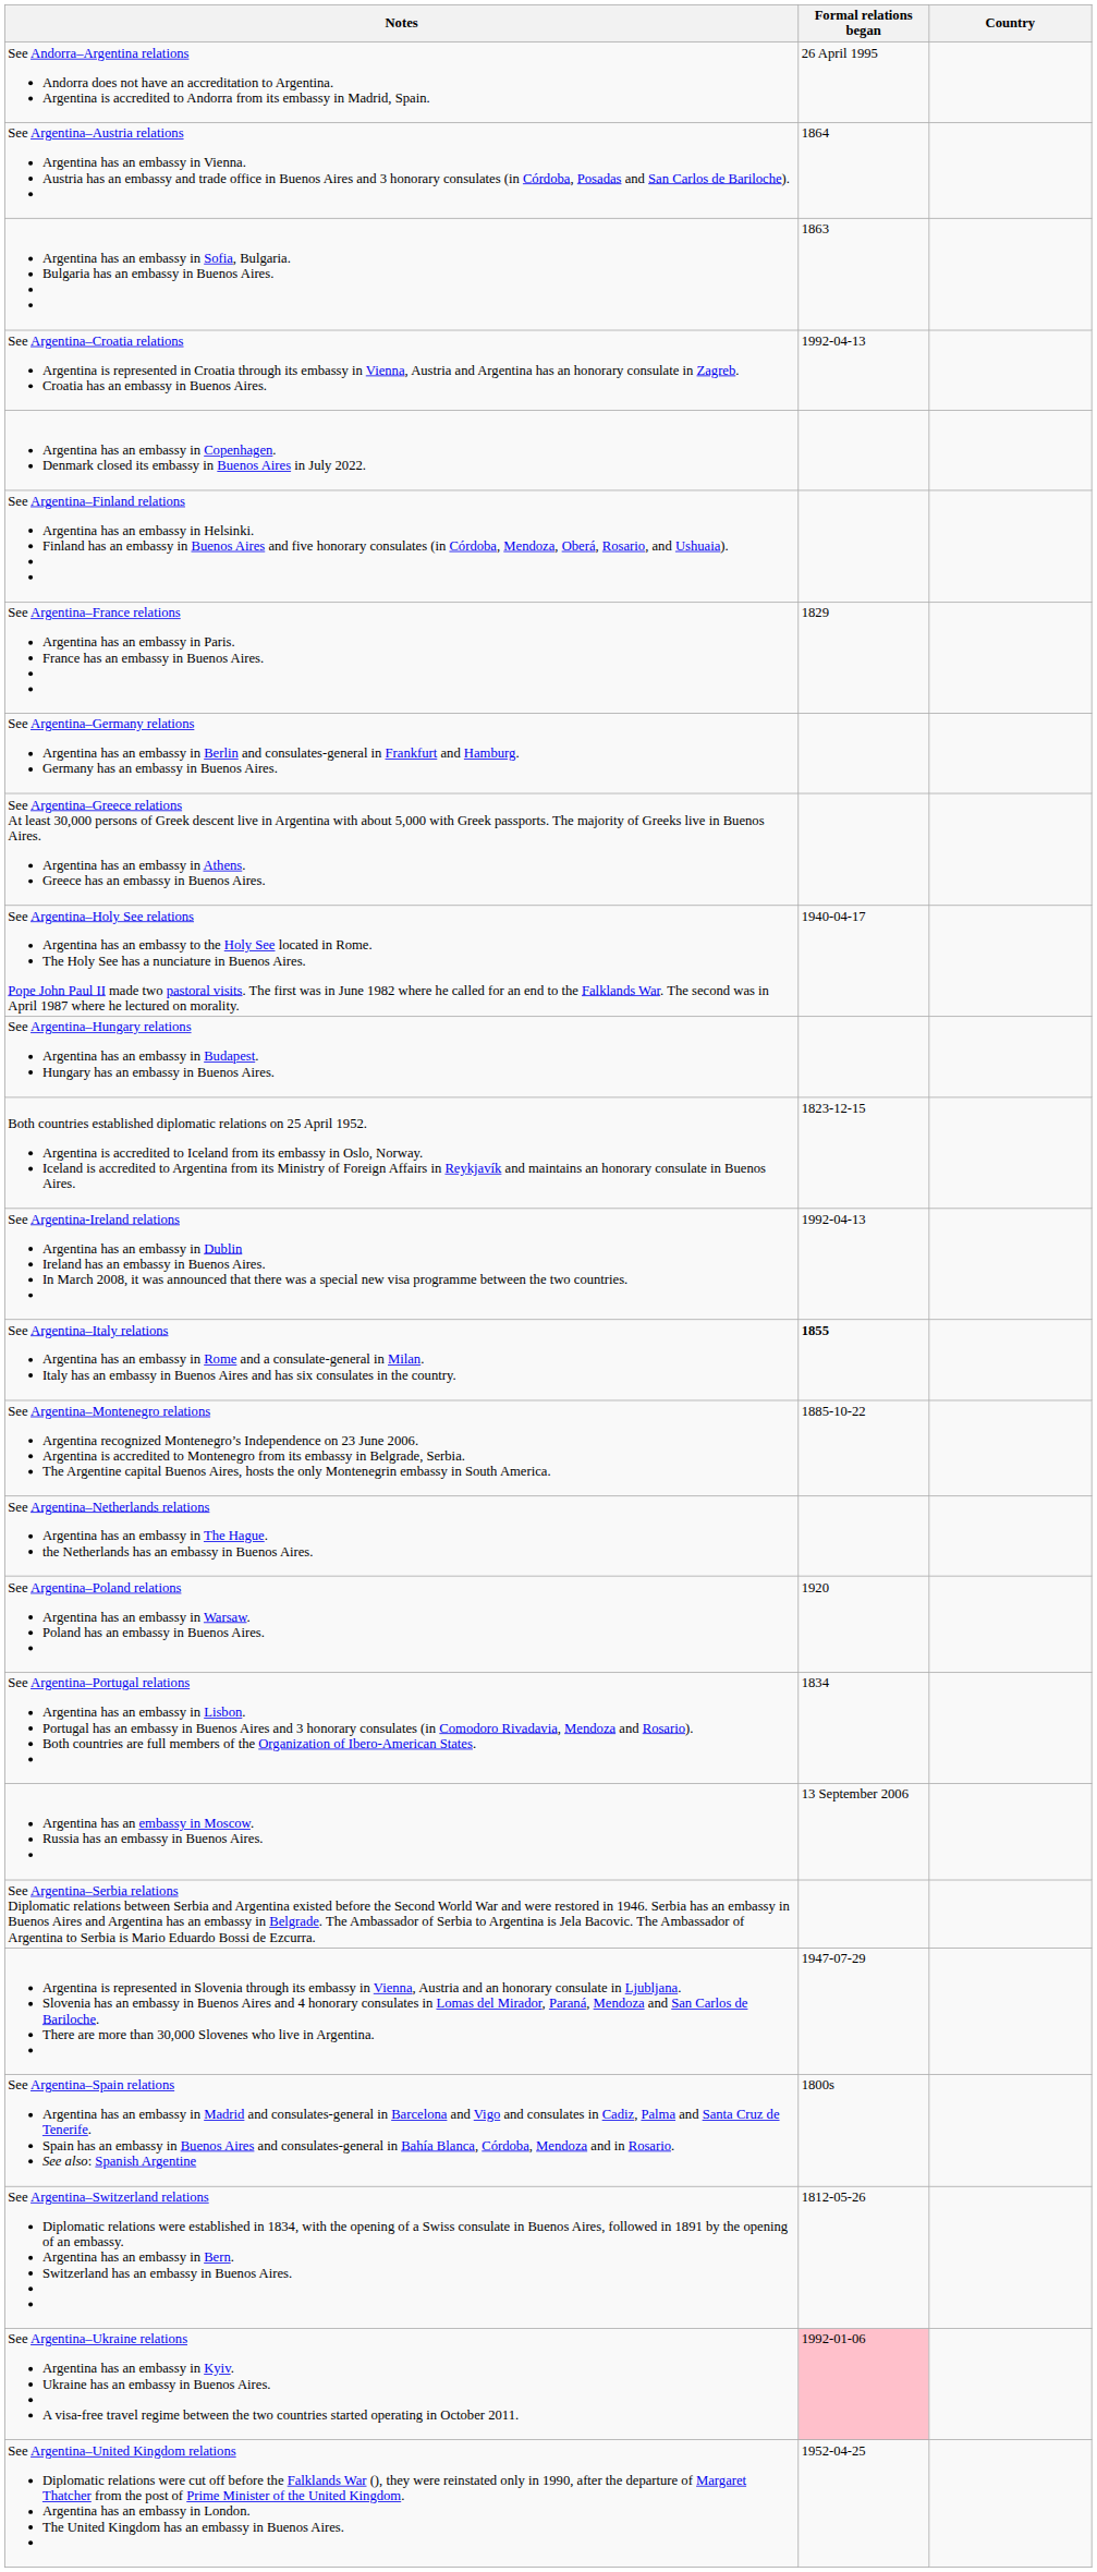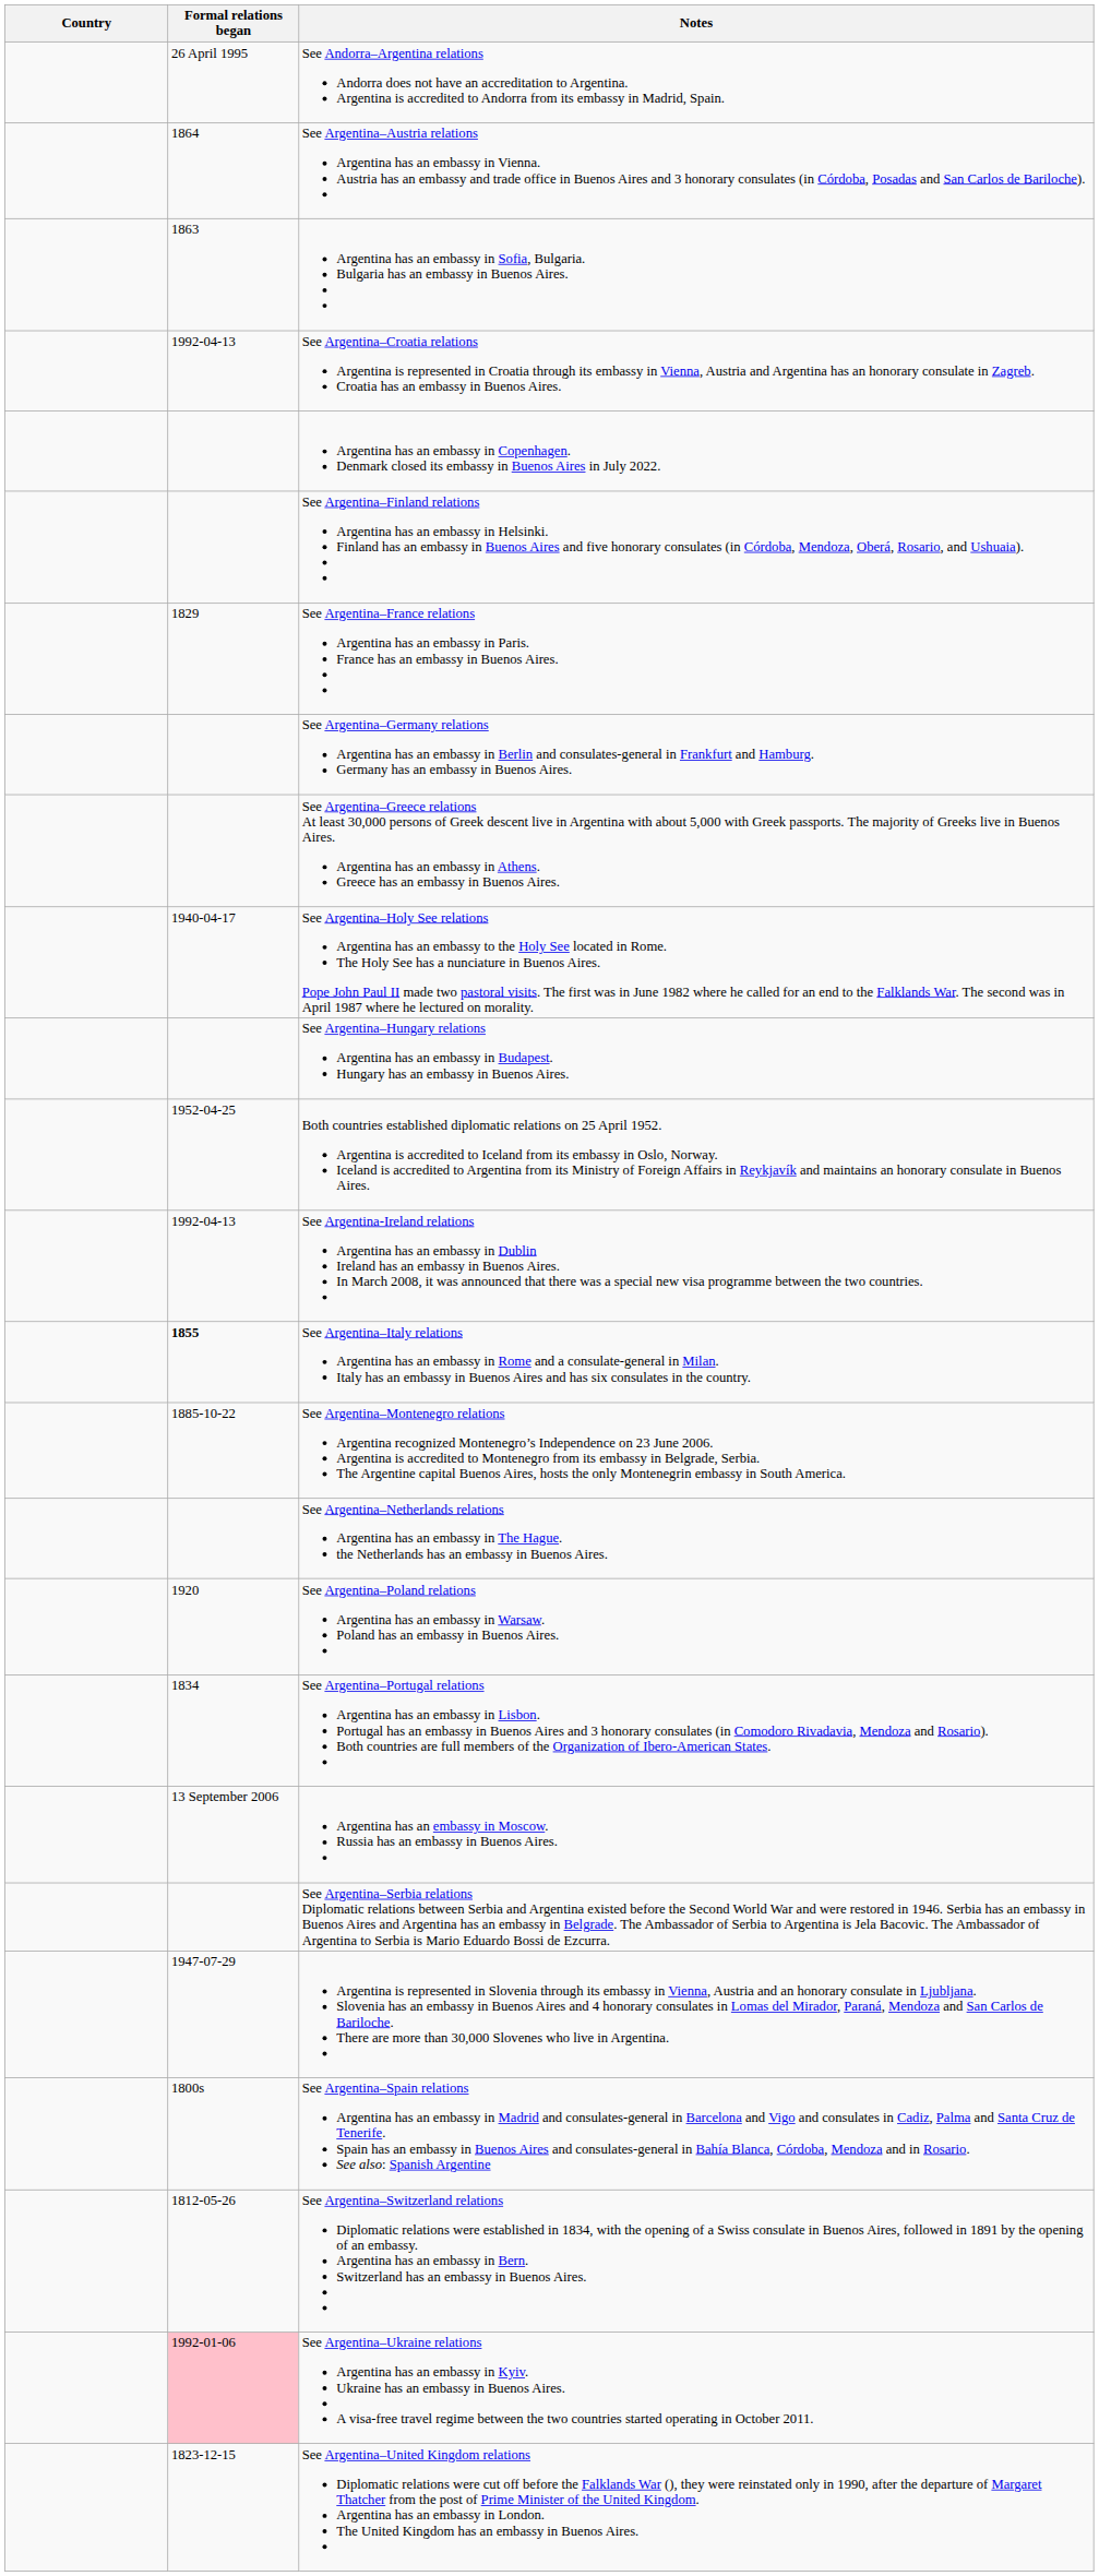 <table class="wikitable sortable" style="width:100%; margin:auto;">
 <tr>
+<th style="width:15%;">Country</th>
+<th style="width:12%;">Formal relations began</th>
 <th>Notes</th>
-<th style="width:12%;">Formal relations began</th>
-<th style="width:15%;">Country</th>
 </tr>
 <tr valign="top">
+<td></td>
+<td>26 April 1995</td>
 <td>See <a href='#'>Andorra–Argentina relations</a><br><ul><li>Andorra does not have an accreditation to Argentina.</li><li>Argentina is accredited to Andorra from its embassy in Madrid, Spain.</li></ul></td>
-<td>26 April 1995</td>
-<td></td>
 </tr>
 <tr valign="top">
+<td></td>
+<td>1864</td>
 <td>See <a href='#'>Argentina–Austria relations</a><br><ul><li>Argentina has an embassy in Vienna.</li><li>Austria has an embassy and trade office in Buenos Aires and 3 honorary consulates (in <a href='#'>Córdoba</a>, <a href='#'>Posadas</a> and <a href='#'>San Carlos de Bariloche</a>).</li><li> </li></ul></td>
-<td>1864</td>
-<td></td>
 </tr>
 <tr valign="top">
+<td></td>
+<td>1863</td>
 <td><br><ul><li>Argentina has an embassy in <a href='#'>Sofia</a>, Bulgaria.</li><li>Bulgaria has an embassy in Buenos Aires.</li><li> </li><li></li></ul></td>
-<td>1863</td>
-<td></td>
 </tr>
 <tr valign="top">
+<td></td>
+<td>1992-04-13</td>
 <td>See <a href='#'>Argentina–Croatia relations</a><br><ul><li>Argentina is represented in Croatia through its embassy in <a href='#'>Vienna</a>, Austria and Argentina has an honorary consulate in <a href='#'>Zagreb</a>.</li><li>Croatia has an embassy in Buenos Aires.</li></ul></td>
-<td>1992-04-13</td>
-<td></td>
 </tr>
 <tr valign="top">
-<td><br><ul><li>Argentina has an embassy in <a href='#'>Copenhagen</a>.</li><li>Denmark closed its embassy in <a href='#'>Buenos Aires</a> in July 2022.</li></ul></td>
 <td></td>
 <td></td>
+<td><br><ul><li>Argentina has an embassy in <a href='#'>Copenhagen</a>.</li><li>Denmark closed its embassy in <a href='#'>Buenos Aires</a> in July 2022.</li></ul></td>
 </tr>
 <tr valign="top">
-<td>See <a href='#'>Argentina–Finland relations</a><br><ul><li>Argentina has an embassy in Helsinki.</li><li>Finland has an embassy in <a href='#'>Buenos Aires</a> and five honorary consulates (in <a href='#'>Córdoba</a>, <a href='#'>Mendoza</a>, <a href='#'>Oberá</a>, <a href='#'>Rosario</a>, and <a href='#'>Ushuaia</a>).</li><li></li><li></li></ul></td>
 <td></td>
 <td></td>
+<td>See <a href='#'>Argentina–Finland relations</a><br><ul><li>Argentina has an embassy in Helsinki.</li><li>Finland has an embassy in <a href='#'>Buenos Aires</a> and five honorary consulates (in <a href='#'>Córdoba</a>, <a href='#'>Mendoza</a>, <a href='#'>Oberá</a>, <a href='#'>Rosario</a>, and <a href='#'>Ushuaia</a>).</li><li></li><li></li></ul></td>
 </tr>
 <tr valign="top">
+<td></td>
+<td>1829</td>
 <td>See <a href='#'>Argentina–France relations</a><br><ul><li>Argentina has an embassy in Paris.</li><li>France has an embassy in Buenos Aires.</li><li> </li><li> </li></ul></td>
-<td>1829</td>
-<td></td>
 </tr>
 <tr valign="top">
-<td>See <a href='#'>Argentina–Germany relations</a><br><ul><li>Argentina has an embassy in <a href='#'>Berlin</a> and consulates-general in <a href='#'>Frankfurt</a> and <a href='#'>Hamburg</a>.</li><li>Germany has an embassy in Buenos Aires.</li></ul></td>
 <td></td>
 <td></td>
+<td>See <a href='#'>Argentina–Germany relations</a><br><ul><li>Argentina has an embassy in <a href='#'>Berlin</a> and consulates-general in <a href='#'>Frankfurt</a> and <a href='#'>Hamburg</a>.</li><li>Germany has an embassy in Buenos Aires.</li></ul></td>
 </tr>
 <tr valign="top">
-<td>See <a href='#'>Argentina–Greece relations</a><br>At least 30,000 persons of Greek descent live in Argentina with about 5,000 with Greek passports. The majority of Greeks live in Buenos Aires.<ul><li>Argentina has an embassy in <a href='#'>Athens</a>.</li><li>Greece has an embassy in Buenos Aires.</li></ul></td>
 <td></td>
 <td></td>
+<td>See <a href='#'>Argentina–Greece relations</a><br>At least 30,000 persons of Greek descent live in Argentina with about 5,000 with Greek passports. The majority of Greeks live in Buenos Aires.<ul><li>Argentina has an embassy in <a href='#'>Athens</a>.</li><li>Greece has an embassy in Buenos Aires.</li></ul></td>
 </tr>
 <tr valign="top">
+<td></td>
+<td>1940-04-17</td>
 <td>See <a href='#'>Argentina–Holy See relations</a><br><ul><li>Argentina has an embassy to the <a href='#'>Holy See</a> located in Rome.</li><li>The Holy See has a nunciature in Buenos Aires.</li></ul><a href='#'>Pope John Paul II</a> made two <a href='#'>pastoral visits</a>. The first was in June 1982 where he called for an end to the <a href='#'>Falklands War</a>. The second was in April 1987 where he lectured on morality.</td>
-<td>1940-04-17</td>
-<td></td>
 </tr>
 <tr valign="top">
-<td>See <a href='#'>Argentina–Hungary relations</a><br><ul><li>Argentina has an embassy in <a href='#'>Budapest</a>.</li><li>Hungary has an embassy in Buenos Aires.</li></ul></td>
 <td></td>
 <td></td>
+<td>See <a href='#'>Argentina–Hungary relations</a><br><ul><li>Argentina has an embassy in <a href='#'>Budapest</a>.</li><li>Hungary has an embassy in Buenos Aires.</li></ul></td>
 </tr>
 <tr valign="top">
+<td></td>
+<td>1952-04-25</td>
 <td><br>Both countries established diplomatic relations on 25 April 1952.<ul><li>Argentina is accredited to Iceland from its embassy in Oslo, Norway.</li><li>Iceland is accredited to Argentina from its Ministry of Foreign Affairs in <a href='#'>Reykjavík</a> and maintains an honorary consulate in Buenos Aires.</li></ul></td>
-<td>1823-12-15</td>
-<td></td>
 </tr>
 <tr valign="top">
+<td></td>
+<td>1992-04-13</td>
 <td>See <a href='#'>Argentina-Ireland relations</a><br><ul><li>Argentina has an embassy in <a href='#'>Dublin</a></li><li>Ireland has an embassy in Buenos Aires.</li><li>In March 2008, it was announced that there was a special new visa programme between the two countries.</li><li> </li></ul></td>
-<td>1992-04-13</td>
-<td></td>
 </tr>
 <tr valign="top">
+<td></td>
+<td><strong>1855</strong></td>
 <td>See <a href='#'>Argentina–Italy relations</a><br><ul><li>Argentina has an embassy in <a href='#'>Rome</a> and a consulate-general in <a href='#'>Milan</a>.</li><li>Italy has an embassy in Buenos Aires and has six consulates in the country.</li></ul></td>
-<td><strong>1855</strong></td>
-<td></td>
 </tr>
 <tr valign="top">
+<td></td>
+<td>1885-10-22</td>
 <td>See <a href='#'>Argentina–Montenegro relations</a><br><ul><li>Argentina recognized Montenegro’s Independence on 23 June 2006.</li><li>Argentina is accredited to Montenegro from its embassy in Belgrade, Serbia.</li><li>The Argentine capital Buenos Aires, hosts the only Montenegrin embassy in South America.</li></ul></td>
-<td>1885-10-22</td>
-<td></td>
 </tr>
 <tr valign="top">
-<td>See <a href='#'>Argentina–Netherlands relations</a><br><ul><li>Argentina has an embassy in <a href='#'>The Hague</a>.</li><li>the Netherlands has an embassy in Buenos Aires.</li></ul></td>
 <td></td>
 <td></td>
+<td>See <a href='#'>Argentina–Netherlands relations</a><br><ul><li>Argentina has an embassy in <a href='#'>The Hague</a>.</li><li>the Netherlands has an embassy in Buenos Aires.</li></ul></td>
 </tr>
 <tr valign="top">
+<td></td>
+<td>1920</td>
 <td>See <a href='#'>Argentina–Poland relations</a><br><ul><li>Argentina has an embassy in <a href='#'>Warsaw</a>.</li><li>Poland has an embassy in Buenos Aires.</li><li> </li></ul></td>
-<td>1920</td>
-<td></td>
 </tr>
 <tr valign="top">
+<td></td>
+<td>1834</td>
 <td>See <a href='#'>Argentina–Portugal relations</a><br><ul><li>Argentina has an embassy in <a href='#'>Lisbon</a>.</li><li>Portugal has an embassy in Buenos Aires and 3 honorary consulates (in <a href='#'>Comodoro Rivadavia</a>, <a href='#'>Mendoza</a> and <a href='#'>Rosario</a>).</li><li>Both countries are full members of the <a href='#'>Organization of Ibero-American States</a>.</li><li> </li></ul></td>
-<td>1834</td>
-<td></td>
 </tr>
 <tr valign="top">
+<td></td>
+<td>13 September 2006</td>
 <td><br><ul><li>Argentina has an <a href='#'>embassy in Moscow</a>.</li><li>Russia has an embassy in Buenos Aires.</li><li> </li></ul></td>
-<td>13 September 2006</td>
-<td></td>
 </tr>
 <tr valign="top">
-<td>See <a href='#'>Argentina–Serbia relations</a><br>Diplomatic relations between Serbia and Argentina existed before the Second World War and were restored in 1946. Serbia has an embassy in Buenos Aires and Argentina has an embassy in <a href='#'>Belgrade</a>. The Ambassador of Serbia to Argentina is Jela Bacovic. The Ambassador of Argentina to Serbia is Mario Eduardo Bossi de Ezcurra.</td>
 <td></td>
 <td></td>
+<td>See <a href='#'>Argentina–Serbia relations</a><br>Diplomatic relations between Serbia and Argentina existed before the Second World War and were restored in 1946. Serbia has an embassy in Buenos Aires and Argentina has an embassy in <a href='#'>Belgrade</a>. The Ambassador of Serbia to Argentina is Jela Bacovic. The Ambassador of Argentina to Serbia is Mario Eduardo Bossi de Ezcurra.</td>
 </tr>
 <tr valign="top">
+<td></td>
+<td>1947-07-29</td>
 <td><br><ul><li>Argentina is represented in Slovenia through its embassy in <a href='#'>Vienna</a>, Austria and an honorary consulate in <a href='#'>Ljubljana</a>.</li><li>Slovenia has an embassy in Buenos Aires and 4 honorary consulates in <a href='#'>Lomas del Mirador</a>, <a href='#'>Paraná</a>, <a href='#'>Mendoza</a> and <a href='#'>San Carlos de Bariloche</a>.</li><li>There are more than 30,000 Slovenes who live in Argentina.</li><li> </li></ul></td>
-<td>1947-07-29</td>
-<td></td>
 </tr>
 <tr valign="top">
+<td></td>
+<td>1800s</td>
 <td>See <a href='#'>Argentina–Spain relations</a><br><ul><li>Argentina has an embassy in <a href='#'>Madrid</a> and consulates-general in <a href='#'>Barcelona</a> and <a href='#'>Vigo</a> and consulates in <a href='#'>Cadiz</a>, <a href='#'>Palma</a> and <a href='#'>Santa Cruz de Tenerife</a>.</li><li>Spain has an embassy in <a href='#'>Buenos Aires</a> and consulates-general in <a href='#'>Bahía Blanca</a>, <a href='#'>Córdoba</a>, <a href='#'>Mendoza</a> and in <a href='#'>Rosario</a>.</li><li><em>See also</em>: <a href='#'>Spanish Argentine</a></li></ul></td>
-<td>1800s</td>
-<td></td>
 </tr>
 <tr valign="top">
+<td></td>
+<td>1812-05-26</td>
 <td>See <a href='#'>Argentina–Switzerland relations</a><br><ul><li>Diplomatic relations were established in 1834, with the opening of a Swiss consulate in Buenos Aires, followed in 1891 by the opening of an embassy.</li><li>Argentina has an embassy in <a href='#'>Bern</a>.</li><li>Switzerland has an embassy in Buenos Aires.</li><li> </li><li></li></ul></td>
-<td>1812-05-26</td>
-<td></td>
 </tr>
 <tr valign="top">
+<td></td>
+<td style="background: pink;">1992-01-06</td>
 <td>See <a href='#'>Argentina–Ukraine relations</a><br><ul><li>Argentina has an embassy in <a href='#'>Kyiv</a>.</li><li>Ukraine has an embassy in Buenos Aires.</li><li> </li><li>A visa-free travel regime between the two countries started operating in October 2011.</li></ul></td>
-<td style="background: pink;">1992-01-06</td>
-<td></td>
 </tr>
 <tr valign="top">
+<td></td>
+<td>1823-12-15</td>
 <td>See <a href='#'>Argentina–United Kingdom relations</a><br><ul><li>Diplomatic relations were cut off before the <a href='#'>Falklands War</a> (), they were reinstated only in 1990, after the departure of <a href='#'>Margaret Thatcher</a> from the post of <a href='#'>Prime Minister of the United Kingdom</a>.</li><li>Argentina has an embassy in London.</li><li>The United Kingdom has an embassy in Buenos Aires.</li><li> </li></ul></td>
-<td>1952-04-25</td>
-<td></td>
 </tr>
 </table>
